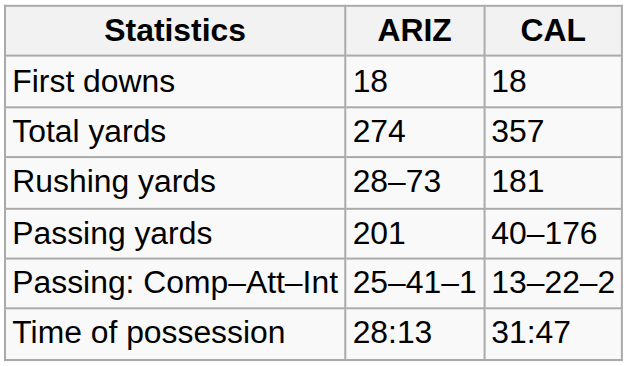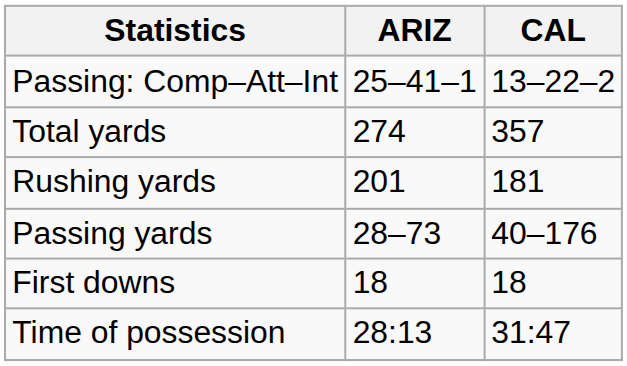 <table class="wikitable" style="float: left;">
 <tr>
 <th>Statistics</th>
 <th>ARIZ</th>
 <th>CAL</th>
 </tr>
 <tr>
-<td>First downs</td>
-<td>18</td>
-<td>18</td>
+<td>Passing: Comp–Att–Int</td>
+<td>25–41–1</td>
+<td>13–22–2</td>
 </tr>
 <tr>
 <td>Total yards</td>
 <td>274</td>
 <td>357</td>
 </tr>
 <tr>
 <td>Rushing yards</td>
-<td>28–73</td>
+<td>201</td>
 <td>181</td>
 </tr>
 <tr>
 <td>Passing yards</td>
-<td>201</td>
+<td>28–73</td>
 <td>40–176</td>
 </tr>
 <tr>
-<td>Passing: Comp–Att–Int</td>
-<td>25–41–1</td>
-<td>13–22–2</td>
+<td>First downs</td>
+<td>18</td>
+<td>18</td>
 </tr>
 <tr>
 <td>Time of possession</td>
 <td>28:13</td>
 <td>31:47</td>
 </tr>
 <tr>
 </tr>
 </table>
